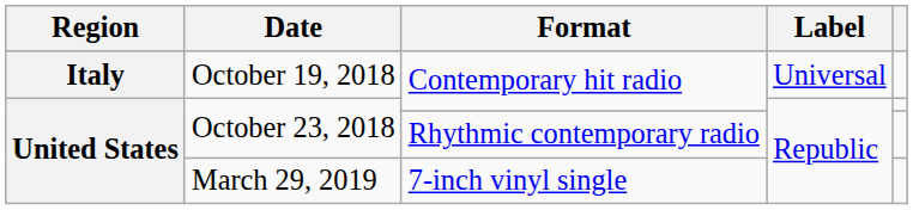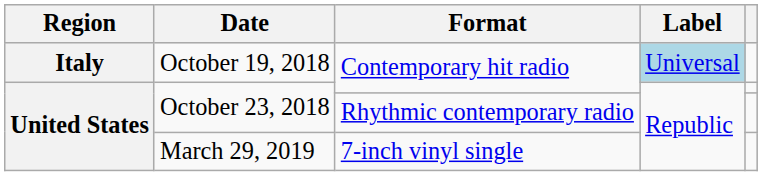 <table class="wikitable plainrowheaders">
 <tr>
 <th scope="col">Region</th>
 <th scope="col">Date</th>
 <th scope="col">Format</th>
 <th scope="col">Label</th>
 <th scope="col"></th>
 </tr>
 <tr>
 <th scope="row">Italy</th>
 <td>October 19, 2018</td>
 <td rowspan="2"><a href='#'>Contemporary hit radio</a></td>
-<td><a href='#'>Universal</a></td>
+<td style="background: lightblue;"><a href='#'>Universal</a></td>
 <td></td>
 </tr>
 <tr>
 <th scope="row" rowspan="3">United States</th>
 <td rowspan="2">October 23, 2018</td>
 <td rowspan="3"><a href='#'>Republic</a></td>
 <td></td>
 </tr>
 <tr>
 <td><a href='#'>Rhythmic contemporary radio</a></td>
 <td></td>
 </tr>
 <tr>
 <td>March 29, 2019</td>
 <td><a href='#'>7-inch vinyl single</a></td>
 <td></td>
 </tr>
 </table>
